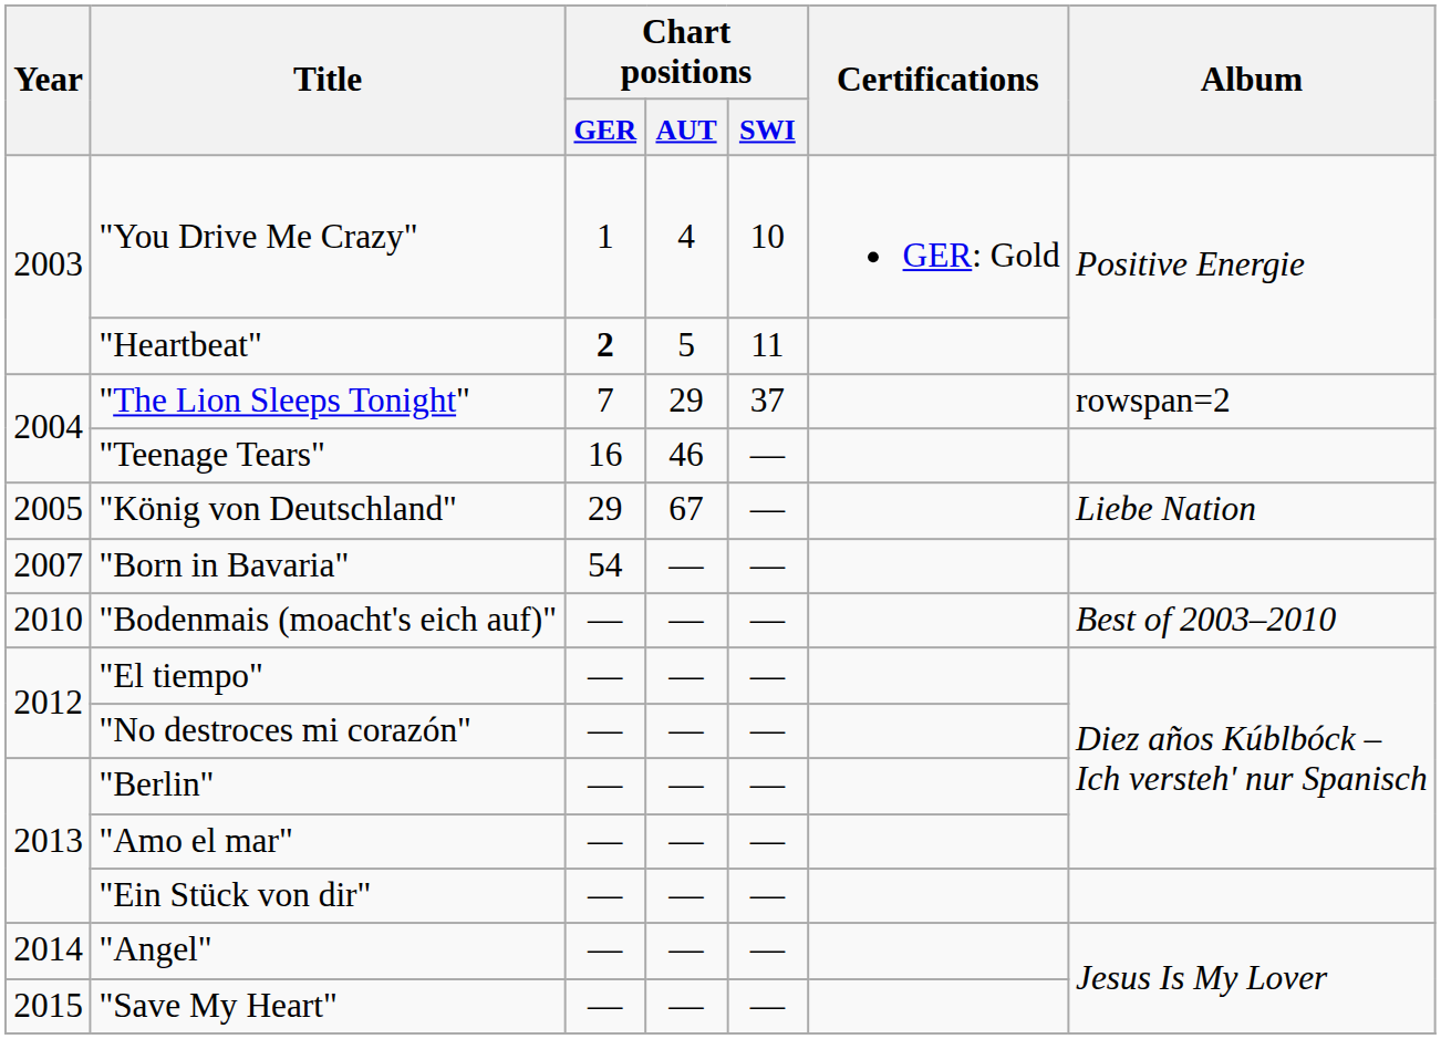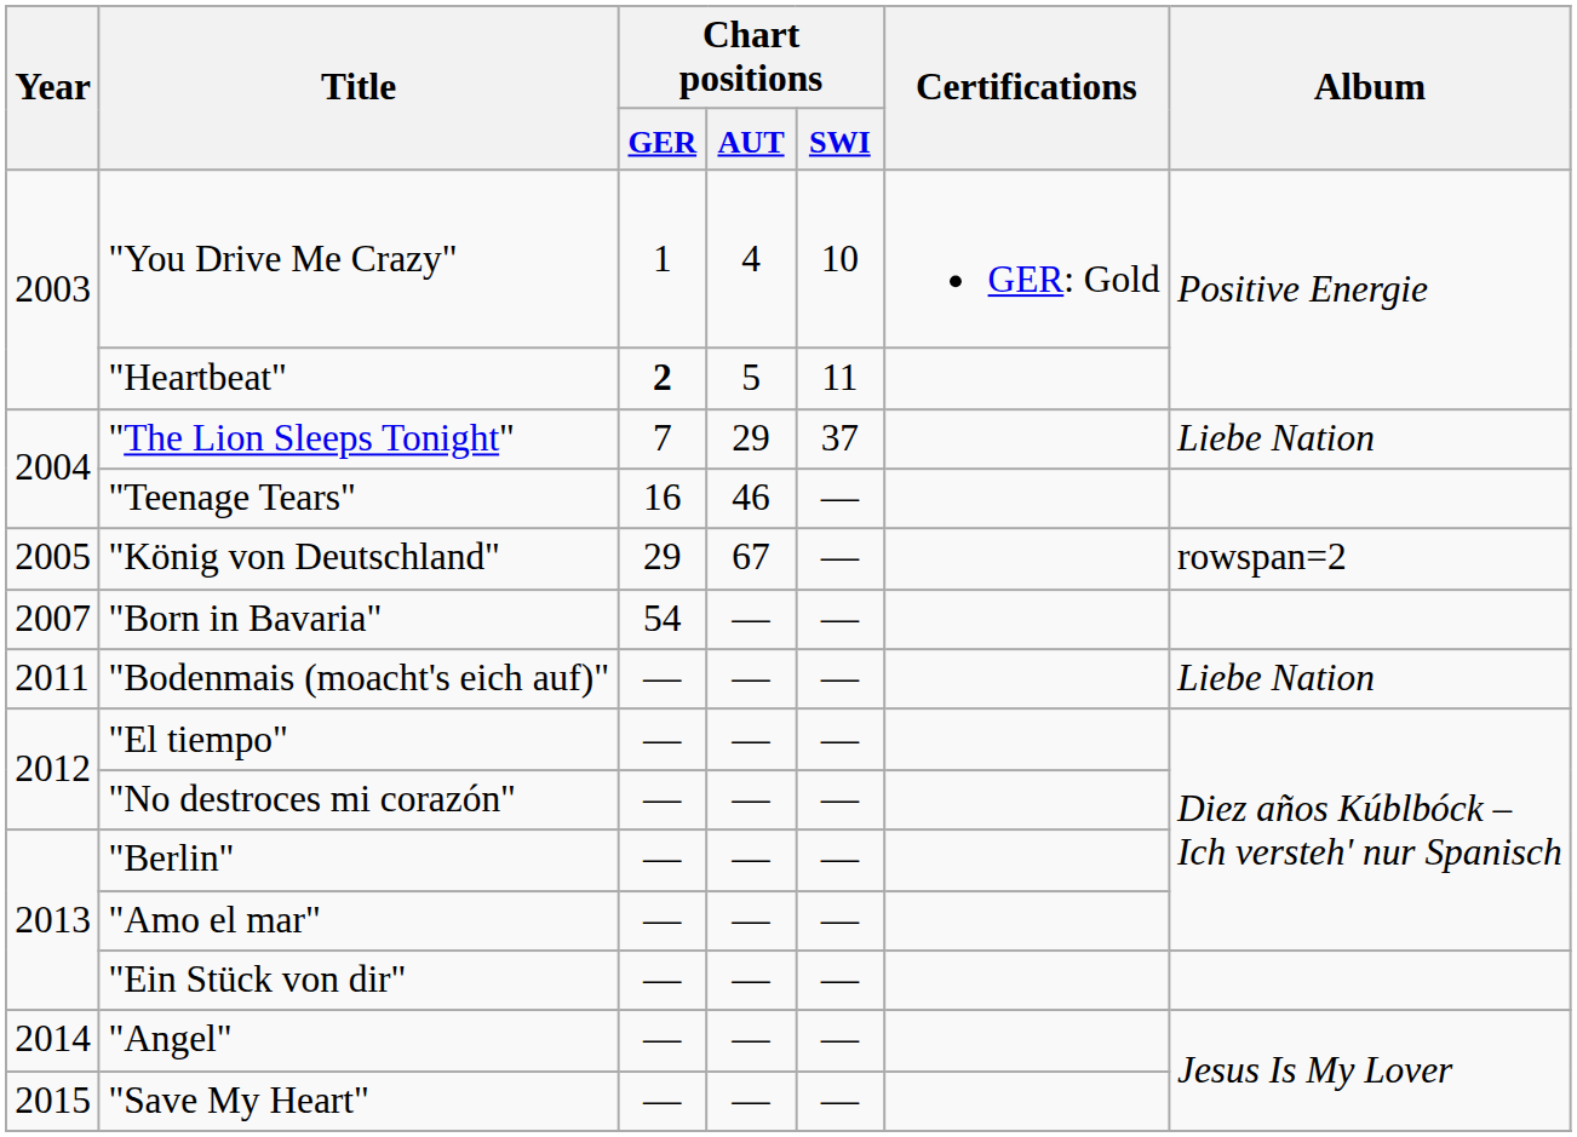 <table class="wikitable">
 <tr>
 <th rowspan="2">Year</th>
 <th rowspan="2">Title</th>
 <th colspan="3">Chart positions</th>
 <th rowspan="2">Certifications</th>
 <th rowspan="2">Album</th>
 </tr>
 <tr>
 <th style="width:30px;"><small><a href='#'>GER</a></small><br></th>
 <th style="width:30px;"><small><a href='#'>AUT</a></small><br></th>
 <th style="width:30px;"><small><a href='#'>SWI</a></small><br></th>
 </tr>
 <tr>
 <td rowspan=2>2003</td>
 <td>"You Drive Me Crazy"</td>
 <td style="text-align:center;">1</td>
 <td style="text-align:center;">4</td>
 <td style="text-align:center;">10</td>
 <td><br><ul><li><a href='#'>GER</a>: Gold</li></ul></td>
 <td rowspan=2><em>Positive Energie</em></td>
 </tr>
 <tr>
 <td>"Heartbeat"</td>
 <td style="text-align:center;"><strong>2</strong></td>
 <td style="text-align:center;">5</td>
 <td style="text-align:center;">11</td>
 <td></td>
 </tr>
 <tr>
 <td rowspan=2>2004</td>
 <td>"<a href='#'>The Lion Sleeps Tonight</a>"</td>
 <td style="text-align:center;">7</td>
 <td style="text-align:center;">29</td>
 <td style="text-align:center;">37</td>
 <td></td>
-<td>rowspan=2 </td>
+<td><em>Liebe Nation</em></td>
 </tr>
 <tr>
 <td>"Teenage Tears"</td>
 <td style="text-align:center;">16</td>
 <td style="text-align:center;">46</td>
 <td style="text-align:center;">—</td>
 <td></td>
 </tr>
 <tr>
 <td>2005</td>
 <td>"König von Deutschland"</td>
 <td style="text-align:center;">29</td>
 <td style="text-align:center;">67</td>
 <td style="text-align:center;">—</td>
 <td></td>
-<td><em>Liebe Nation</em></td>
+<td>rowspan=2 </td>
 </tr>
 <tr>
 <td>2007</td>
 <td>"Born in Bavaria"</td>
 <td style="text-align:center;">54</td>
 <td style="text-align:center;">—</td>
 <td style="text-align:center;">—</td>
 <td></td>
 <td></td>
 </tr>
 <tr>
-<td>2010</td>
+<td>2011</td>
 <td>"Bodenmais (moacht's eich auf)"</td>
 <td style="text-align:center;">—</td>
 <td style="text-align:center;">—</td>
 <td style="text-align:center;">—</td>
 <td></td>
-<td><em>Best of 2003–2010</em></td>
+<td><em>Liebe Nation</em></td>
 </tr>
 <tr>
 <td rowspan=2>2012</td>
 <td>"El tiempo"</td>
 <td style="text-align:center;">—</td>
 <td style="text-align:center;">—</td>
 <td style="text-align:center;">—</td>
 <td></td>
 <td rowspan=4><em>Diez años Kúblbóck –<br>Ich versteh' nur Spanisch</em></td>
 </tr>
 <tr>
 <td>"No destroces mi corazón"</td>
 <td style="text-align:center;">—</td>
 <td style="text-align:center;">—</td>
 <td style="text-align:center;">—</td>
 <td></td>
 </tr>
 <tr>
 <td rowspan=3>2013</td>
 <td>"Berlin"</td>
 <td style="text-align:center;">—</td>
 <td style="text-align:center;">—</td>
 <td style="text-align:center;">—</td>
 <td></td>
 </tr>
 <tr>
 <td>"Amo el mar"</td>
 <td style="text-align:center;">—</td>
 <td style="text-align:center;">—</td>
 <td style="text-align:center;">—</td>
 <td></td>
 </tr>
 <tr>
 <td>"Ein Stück von dir"</td>
 <td style="text-align:center;">—</td>
 <td style="text-align:center;">—</td>
 <td style="text-align:center;">—</td>
 <td></td>
 <td></td>
 </tr>
 <tr>
 <td>2014</td>
 <td>"Angel"</td>
 <td style="text-align:center;">—</td>
 <td style="text-align:center;">—</td>
 <td style="text-align:center;">—</td>
 <td></td>
 <td rowspan="2"><em>Jesus Is My Lover</em></td>
 </tr>
 <tr>
 <td>2015</td>
 <td>"Save My Heart"</td>
 <td style="text-align:center;">—</td>
 <td style="text-align:center;">—</td>
 <td style="text-align:center;">—</td>
 </tr>
 <tr>
 </tr>
 </table>
